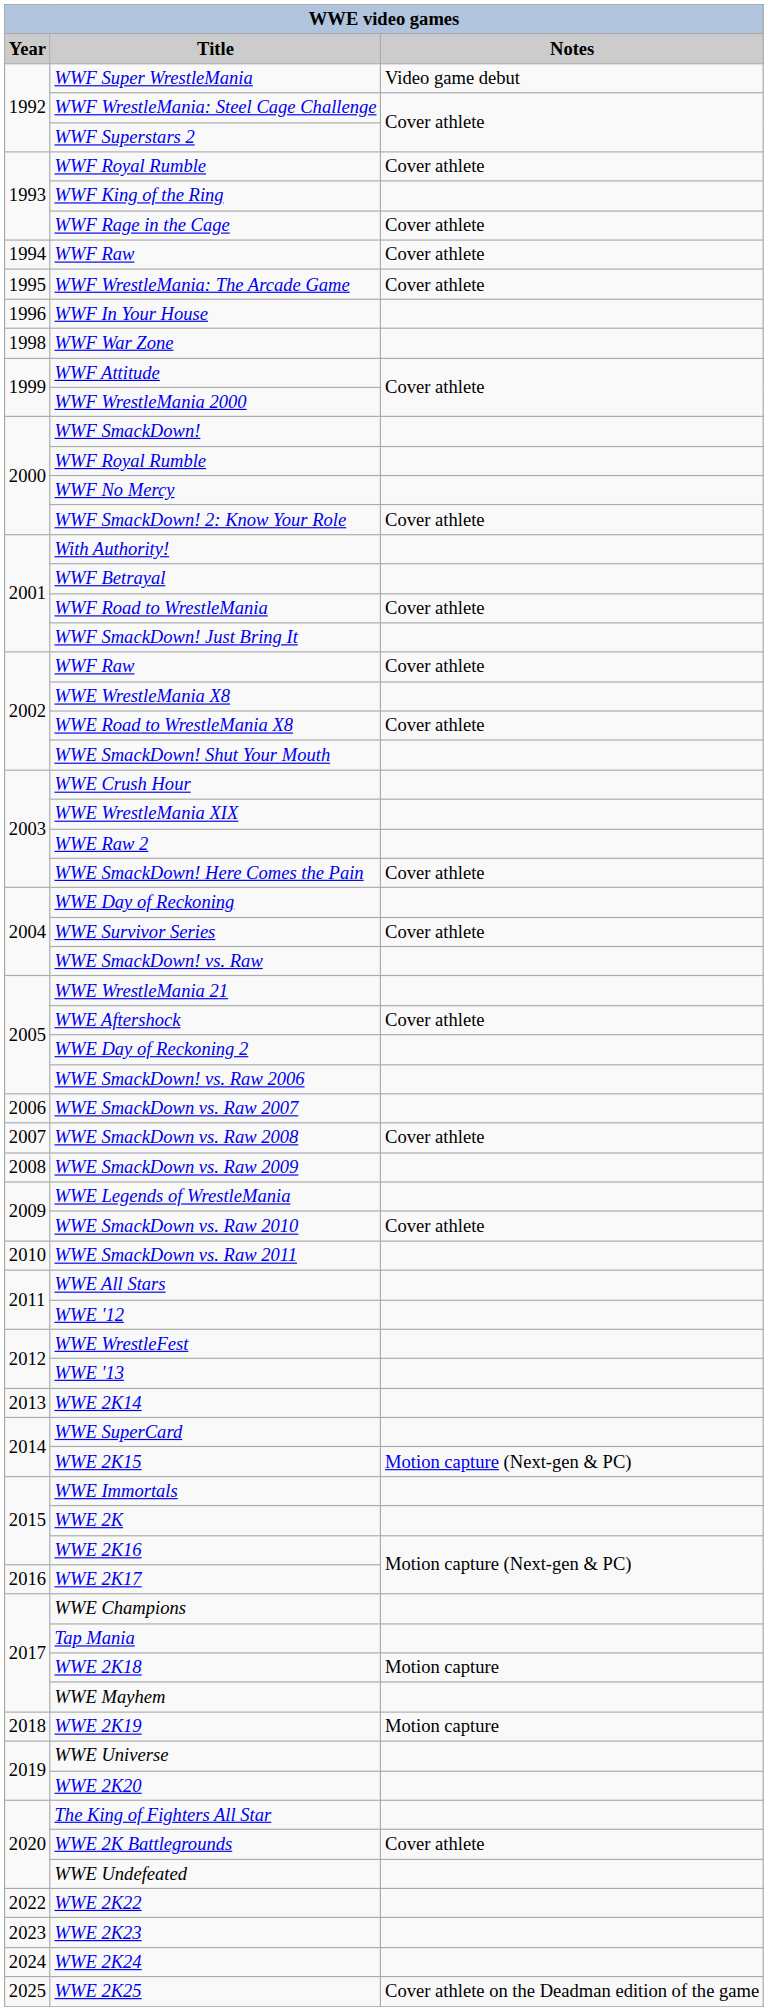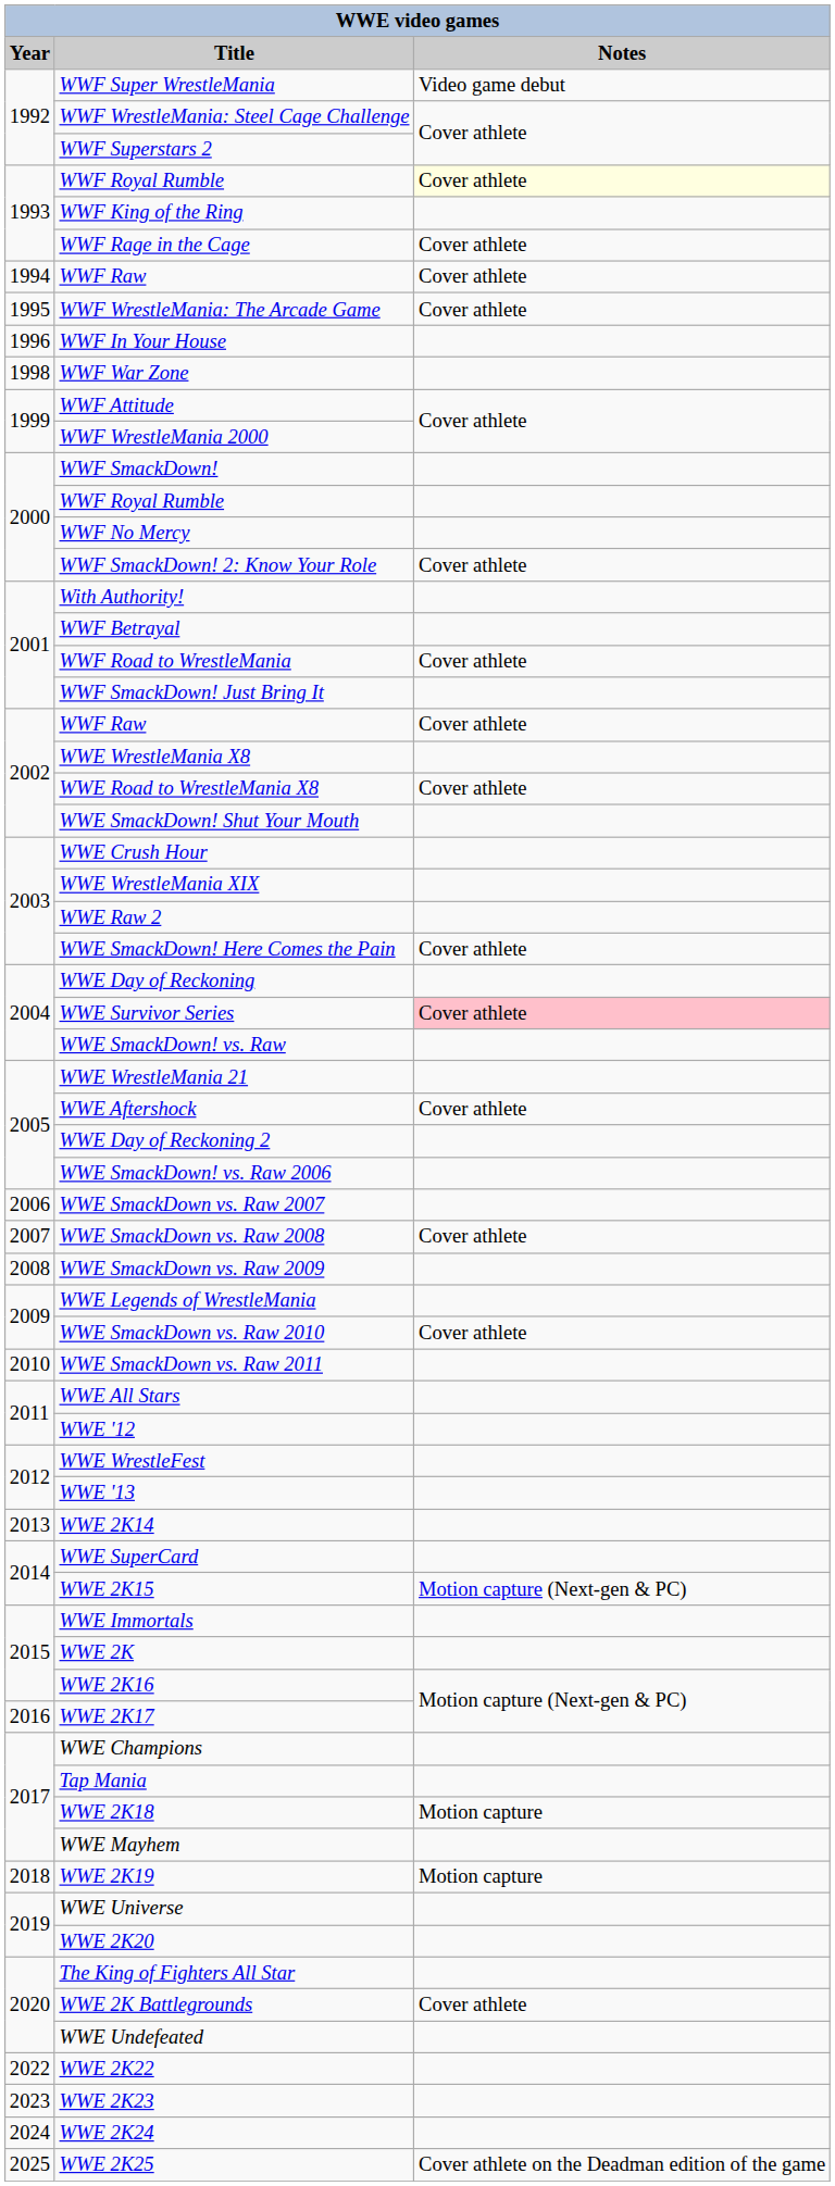 <table class="wikitable sortable">
 <tr style="text-align:center;">
 <th colspan=4 style="background:#B0C4DE;">WWE video games</th>
 </tr>
 <tr style="text-align:center;">
 <th style="background:#ccc;">Year</th>
 <th style="background:#ccc;">Title</th>
 <th style="background:#ccc;">Notes</th>
 </tr>
 <tr>
 <td rowspan="3">1992</td>
 <td><em><a href='#'>WWF Super WrestleMania</a></em></td>
 <td>Video game debut</td>
 </tr>
 <tr>
 <td><em><a href='#'>WWF WrestleMania: Steel Cage Challenge</a></em></td>
 <td rowspan="2">Cover athlete</td>
 </tr>
 <tr>
 <td><em><a href='#'>WWF Superstars 2</a></em></td>
 </tr>
 <tr>
 <td rowspan="3">1993</td>
 <td><em><a href='#'>WWF Royal Rumble</a></em></td>
-<td>Cover athlete</td>
+<td style="background: lightyellow;">Cover athlete</td>
 </tr>
 <tr>
 <td><em><a href='#'>WWF King of the Ring</a></em></td>
 <td></td>
 </tr>
 <tr>
 <td><em><a href='#'>WWF Rage in the Cage</a></em></td>
 <td>Cover athlete</td>
 </tr>
 <tr>
 <td>1994</td>
 <td><em><a href='#'>WWF Raw</a></em></td>
 <td>Cover athlete</td>
 </tr>
 <tr>
 <td>1995</td>
 <td><em><a href='#'>WWF WrestleMania: The Arcade Game</a></em></td>
 <td>Cover athlete</td>
 </tr>
 <tr>
 <td>1996</td>
 <td><em><a href='#'>WWF In Your House</a></em></td>
 <td></td>
 </tr>
 <tr>
 <td>1998</td>
 <td><em><a href='#'>WWF War Zone</a></em></td>
 <td></td>
 </tr>
 <tr>
 <td rowspan="2">1999</td>
 <td><em><a href='#'>WWF Attitude</a></em></td>
 <td rowspan="2">Cover athlete</td>
 </tr>
 <tr>
 <td><em><a href='#'>WWF WrestleMania 2000</a></em></td>
 </tr>
 <tr>
 <td rowspan="4">2000</td>
 <td><em><a href='#'>WWF SmackDown!</a></em></td>
 <td></td>
 </tr>
 <tr>
 <td><em><a href='#'>WWF Royal Rumble</a></em></td>
 <td></td>
 </tr>
 <tr>
 <td><em><a href='#'>WWF No Mercy</a></em></td>
 <td></td>
 </tr>
 <tr>
 <td><em><a href='#'>WWF SmackDown! 2: Know Your Role</a></em></td>
 <td>Cover athlete</td>
 </tr>
 <tr>
 <td rowspan="4">2001</td>
 <td><em><a href='#'>With Authority!</a></em></td>
 <td></td>
 </tr>
 <tr>
 <td><em><a href='#'>WWF Betrayal</a></em></td>
 <td></td>
 </tr>
 <tr>
 <td><em><a href='#'>WWF Road to WrestleMania</a></em></td>
 <td>Cover athlete</td>
 </tr>
 <tr>
 <td><em><a href='#'>WWF SmackDown! Just Bring It</a></em></td>
 <td></td>
 </tr>
 <tr>
 <td rowspan="4">2002</td>
 <td><em><a href='#'>WWF Raw</a></em></td>
 <td>Cover athlete</td>
 </tr>
 <tr>
 <td><em><a href='#'>WWE WrestleMania X8</a></em></td>
 <td></td>
 </tr>
 <tr>
 <td><em><a href='#'>WWE Road to WrestleMania X8</a></em></td>
 <td>Cover athlete</td>
 </tr>
 <tr>
 <td><em><a href='#'>WWE SmackDown! Shut Your Mouth</a></em></td>
 <td></td>
 </tr>
 <tr>
 <td rowspan="4">2003</td>
 <td><em><a href='#'>WWE Crush Hour</a></em></td>
 <td></td>
 </tr>
 <tr>
 <td><em><a href='#'>WWE WrestleMania XIX</a></em></td>
 <td></td>
 </tr>
 <tr>
 <td><em><a href='#'>WWE Raw 2</a></em></td>
 <td></td>
 </tr>
 <tr>
 <td><em><a href='#'>WWE SmackDown! Here Comes the Pain</a></em></td>
 <td>Cover athlete</td>
 </tr>
 <tr>
 <td rowspan="3">2004</td>
 <td><em><a href='#'>WWE Day of Reckoning</a></em></td>
 <td></td>
 </tr>
 <tr>
 <td><em><a href='#'>WWE Survivor Series</a></em></td>
-<td>Cover athlete</td>
+<td style="background: pink;">Cover athlete</td>
 </tr>
 <tr>
 <td><em><a href='#'>WWE SmackDown! vs. Raw</a></em></td>
 <td></td>
 </tr>
 <tr>
 <td rowspan="4">2005</td>
 <td><em><a href='#'>WWE WrestleMania 21</a></em></td>
 <td></td>
 </tr>
 <tr>
 <td><em><a href='#'>WWE Aftershock</a></em></td>
 <td>Cover athlete</td>
 </tr>
 <tr>
 <td><em><a href='#'>WWE Day of Reckoning 2</a></em></td>
 <td></td>
 </tr>
 <tr>
 <td><em><a href='#'>WWE SmackDown! vs. Raw 2006</a></em></td>
 <td></td>
 </tr>
 <tr>
 <td>2006</td>
 <td><em><a href='#'>WWE SmackDown vs. Raw 2007</a></em></td>
 <td></td>
 </tr>
 <tr>
 <td>2007</td>
 <td><em><a href='#'>WWE SmackDown vs. Raw 2008</a></em></td>
 <td>Cover athlete</td>
 </tr>
 <tr>
 <td>2008</td>
 <td><em><a href='#'>WWE SmackDown vs. Raw 2009</a></em></td>
 <td></td>
 </tr>
 <tr>
 <td rowspan="2">2009</td>
 <td><em><a href='#'>WWE Legends of WrestleMania</a></em></td>
 <td></td>
 </tr>
 <tr>
 <td><em><a href='#'>WWE SmackDown vs. Raw 2010</a></em></td>
 <td>Cover athlete</td>
 </tr>
 <tr>
 <td>2010</td>
 <td><em><a href='#'>WWE SmackDown vs. Raw 2011</a></em></td>
 <td></td>
 </tr>
 <tr>
 <td rowspan="2">2011</td>
 <td><em><a href='#'>WWE All Stars</a></em></td>
 <td></td>
 </tr>
 <tr>
 <td><em><a href='#'>WWE '12</a></em></td>
 <td></td>
 </tr>
 <tr>
 <td rowspan="2">2012</td>
 <td><em><a href='#'>WWE WrestleFest</a></em></td>
 <td></td>
 </tr>
 <tr>
 <td><em><a href='#'>WWE '13</a></em></td>
 <td></td>
 </tr>
 <tr>
 <td>2013</td>
 <td><em><a href='#'>WWE 2K14</a></em></td>
 <td></td>
 </tr>
 <tr>
 <td rowspan="2">2014</td>
 <td><em><a href='#'>WWE SuperCard</a></em></td>
 <td></td>
 </tr>
 <tr>
 <td><em><a href='#'>WWE 2K15</a></em></td>
 <td><a href='#'>Motion capture</a> (Next-gen & PC)</td>
 </tr>
 <tr>
 <td rowspan="3">2015</td>
 <td><em><a href='#'>WWE Immortals</a></em></td>
 <td></td>
 </tr>
 <tr>
 <td><em><a href='#'>WWE 2K</a></em></td>
 <td></td>
 </tr>
 <tr>
 <td><em><a href='#'>WWE 2K16</a></em></td>
 <td rowspan="2">Motion capture (Next-gen & PC)</td>
 </tr>
 <tr>
 <td>2016</td>
 <td><em><a href='#'>WWE 2K17</a></em></td>
 </tr>
 <tr>
 <td rowspan="4">2017</td>
 <td><em>WWE Champions</em></td>
 <td></td>
 </tr>
 <tr>
 <td><em><a href='#'>Tap Mania</a></em></td>
 <td></td>
 </tr>
 <tr>
 <td><em><a href='#'>WWE 2K18</a></em></td>
 <td>Motion capture</td>
 </tr>
 <tr>
 <td><em>WWE Mayhem</em></td>
 <td></td>
 </tr>
 <tr>
 <td>2018</td>
 <td><em><a href='#'>WWE 2K19</a></em></td>
 <td>Motion capture</td>
 </tr>
 <tr>
 <td rowspan="2">2019</td>
 <td><em>WWE Universe</em></td>
 <td></td>
 </tr>
 <tr>
 <td><em><a href='#'>WWE 2K20</a></em></td>
 <td></td>
 </tr>
 <tr>
 <td rowspan="3">2020</td>
 <td><em><a href='#'>The King of Fighters All Star</a></em></td>
 <td></td>
 </tr>
 <tr>
 <td><em><a href='#'>WWE 2K Battlegrounds</a></em></td>
 <td>Cover athlete</td>
 </tr>
 <tr>
 <td><em>WWE Undefeated</em></td>
 <td></td>
 </tr>
 <tr>
 <td>2022</td>
 <td><em><a href='#'>WWE 2K22</a></em></td>
 <td></td>
 </tr>
 <tr>
 <td>2023</td>
 <td><em><a href='#'>WWE 2K23</a></em></td>
 <td></td>
 </tr>
 <tr>
 <td>2024</td>
 <td><em><a href='#'>WWE 2K24</a></em></td>
 <td></td>
 </tr>
 <tr>
 <td>2025</td>
 <td><em><a href='#'>WWE 2K25</a></em></td>
 <td>Cover athlete on the Deadman edition of the game</td>
 </tr>
 </table>
